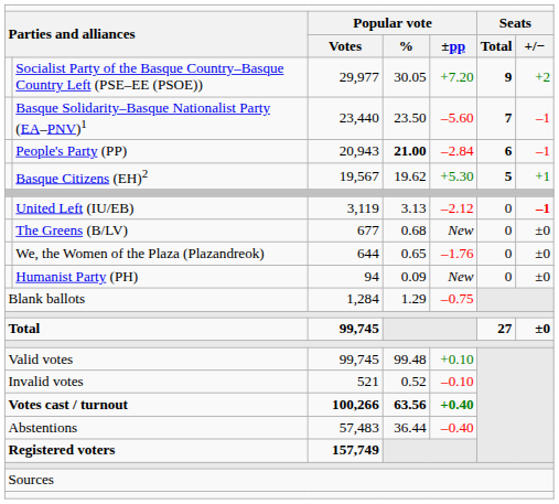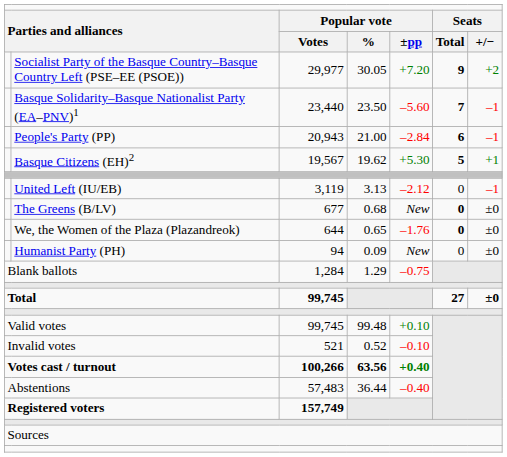 <table class="wikitable" style="text-align:right;">
 <tr>
 <td colspan="7"></td>
 </tr>
 <tr>
 <th style="text-align:left;" rowspan="2" colspan="2" width="525">Parties and alliances</th>
 <th colspan="3">Popular vote</th>
 <th colspan="2">Seats</th>
 </tr>
 <tr>
 <th width="75">Votes</th>
 <th width="45">%</th>
 <th width="45">±<a href='#'>pp</a></th>
 <th width="35">Total</th>
 <th width="35">+/−</th>
 </tr>
 <tr>
 <td width="1" style="color:inherit;background:"></td>
 <td align="left"><a href='#'>Socialist Party of the Basque Country–Basque Country Left</a> (PSE–EE (PSOE))</td>
 <td>29,977</td>
 <td>30.05</td>
 <td style="color:green;">+7.20</td>
 <td><strong>9</strong></td>
 <td style="color:green;">+2</td>
 </tr>
 <tr>
 <td style="color:inherit;background:"></td>
 <td align="left"><a href='#'>Basque Solidarity–Basque Nationalist Party</a> (<a href='#'>EA</a>–<a href='#'>PNV</a>)<sup>1</sup></td>
 <td>23,440</td>
 <td>23.50</td>
 <td style="color:red;">–5.60</td>
 <td><strong>7</strong></td>
 <td style="color:red;">–1</td>
 </tr>
 <tr>
 <td style="color:inherit;background:"></td>
 <td align="left"><a href='#'>People's Party</a> (PP)</td>
 <td>20,943</td>
-<td><strong>21.00</strong></td>
+<td>21.00</td>
 <td style="color:red;">–2.84</td>
 <td><strong>6</strong></td>
 <td style="color:red;">–1</td>
 </tr>
 <tr>
 <td style="color:inherit;background:"></td>
 <td align="left"><a href='#'>Basque Citizens</a> (EH)<sup>2</sup></td>
 <td>19,567</td>
 <td>19.62</td>
 <td style="color:green;">+5.30</td>
 <td><strong>5</strong></td>
 <td style="color:green;">+1</td>
 </tr>
 <tr>
 <td colspan="7" style="color:inherit;background:#C0C0C0"></td>
 </tr>
 <tr>
 <td style="color:inherit;background:"></td>
 <td align="left"><a href='#'>United Left</a> (IU/EB)</td>
 <td>3,119</td>
 <td>3.13</td>
 <td style="color:red;">–2.12</td>
 <td>0</td>
-<td style="color:red;"><strong>–1</strong></td>
+<td style="color:red;">–1</td>
 </tr>
 <tr>
 <td style="color:inherit;background:"></td>
 <td align="left"><a href='#'>The Greens</a> (B/LV)</td>
 <td>677</td>
 <td>0.68</td>
 <td><em>New</em></td>
-<td>0</td>
+<td><strong>0</strong></td>
 <td>±0</td>
 </tr>
 <tr>
 <td style="color:inherit;background:"></td>
 <td align="left">We, the Women of the Plaza (Plazandreok)</td>
 <td>644</td>
 <td>0.65</td>
 <td style="color:red;">–1.76</td>
-<td>0</td>
+<td><strong>0</strong></td>
 <td>±0</td>
 </tr>
 <tr>
 <td style="color:inherit;background:"></td>
 <td align="left"><a href='#'>Humanist Party</a> (PH)</td>
 <td>94</td>
 <td>0.09</td>
 <td><em>New</em></td>
 <td>0</td>
 <td>±0</td>
 </tr>
 <tr>
 <td align="left" colspan="2">Blank ballots</td>
 <td>1,284</td>
 <td>1.29</td>
 <td style="color:red;">–0.75</td>
 <td style="color:inherit;background:#E9E9E9" colspan="2"></td>
 </tr>
 <tr>
 <td colspan="7" style="color:inherit;background:#E9E9E9"></td>
 </tr>
 <tr style="font-weight:bold;">
 <td align="left" colspan="2">Total</td>
 <td>99,745</td>
 <td bgcolor="#E9E9E9" colspan="2"></td>
 <td>27</td>
 <td>±0</td>
 </tr>
 <tr>
 <td colspan="7" style="color:inherit;background:#E9E9E9"></td>
 </tr>
 <tr>
 <td align="left" colspan="2">Valid votes</td>
 <td>99,745</td>
 <td>99.48</td>
 <td style="color:green;">+0.10</td>
 <td bgcolor="#E9E9E9" colspan="2" rowspan="5"></td>
 </tr>
 <tr>
 <td align="left" colspan="2">Invalid votes</td>
 <td>521</td>
 <td>0.52</td>
 <td style="color:red;">–0.10</td>
 </tr>
 <tr style="font-weight:bold;">
 <td align="left" colspan="2">Votes cast / turnout</td>
 <td>100,266</td>
 <td>63.56</td>
 <td style="color:green;">+0.40</td>
 </tr>
 <tr>
 <td align="left" colspan="2">Abstentions</td>
 <td>57,483</td>
 <td>36.44</td>
 <td style="color:red;">–0.40</td>
 </tr>
 <tr style="font-weight:bold;">
 <td align="left" colspan="2">Registered voters</td>
 <td>157,749</td>
 <td bgcolor="#E9E9E9" colspan="2"></td>
 </tr>
 <tr>
 <td colspan="7" style="color:inherit;background:#E9E9E9"></td>
 </tr>
 <tr>
 <td align="left" colspan="7">Sources</td>
 </tr>
 <tr>
 <td colspan="7" style="text-align:left; max-width:790px;"></td>
 </tr>
 </table>
